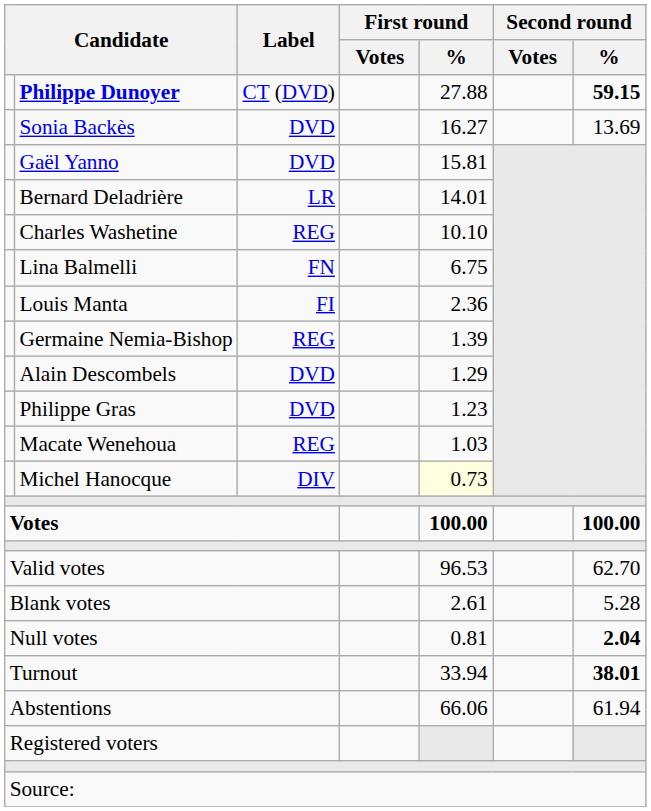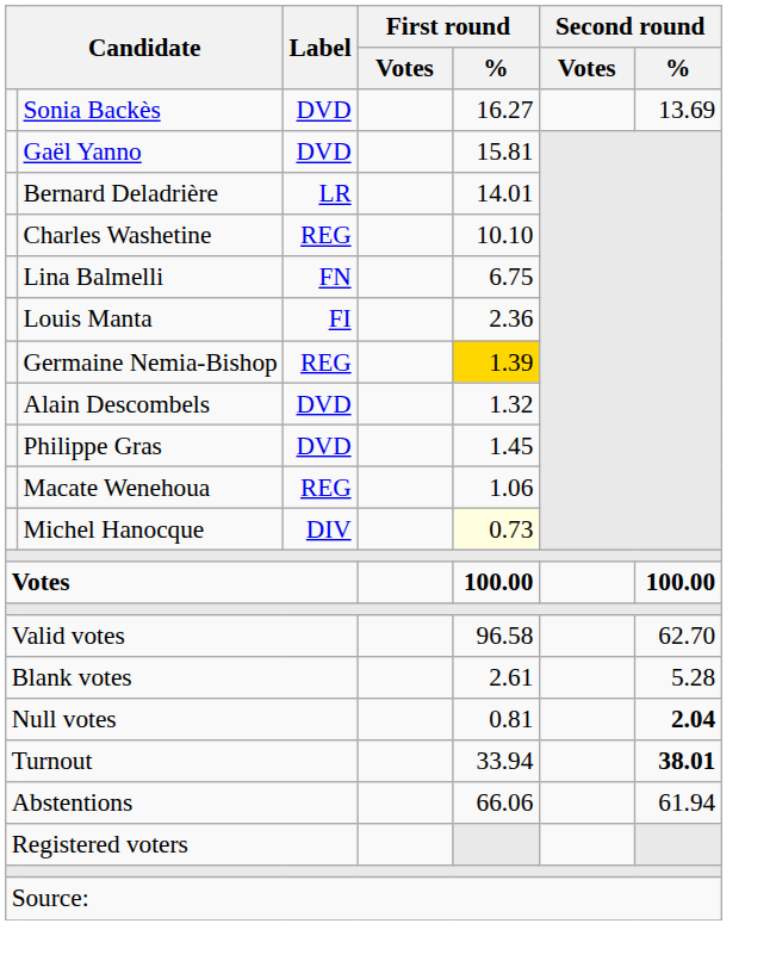 <table class="wikitable" style="text-align:right;font-size:95%;">
 <tr>
 <th rowspan="2" colspan="2">Candidate</th>
 <th rowspan="2">Label</th>
 <th colspan="2">First round</th>
 <th colspan="2">Second round</th>
 </tr>
 <tr>
 <th style="width:50px;">Votes</th>
 <th style="width:45px;">%</th>
 <th style="width:50px;">Votes</th>
 <th style="width:45px;">%</th>
-</tr>
-<tr>
-<td style="color:inherit;background:"></td>
-<td style="text-align:left;"><strong><a href='#'>Philippe Dunoyer</a></strong></td>
-<td><a href='#'>CT</a> (<a href='#'>DVD</a>)</td>
-<td></td>
-<td>27.88</td>
-<td><strong></strong></td>
-<td><strong>59.15</strong></td>
 </tr>
 <tr>
 <td style="color:inherit;background:"></td>
 <td style="text-align:left;"><a href='#'>Sonia Backès</a></td>
 <td><a href='#'>DVD</a></td>
 <td></td>
 <td>16.27</td>
 <td></td>
 <td>13.69</td>
 </tr>
 <tr>
 <td style="color:inherit;background:"></td>
 <td style="text-align:left;"><a href='#'>Gaël Yanno</a></td>
 <td><a href='#'>DVD</a></td>
 <td></td>
 <td>15.81</td>
 <td colspan="2" rowspan="10" style="background:#E9E9E9;"></td>
 </tr>
 <tr>
 <td style="color:inherit;background:"></td>
 <td style="text-align:left;">Bernard Deladrière</td>
 <td><a href='#'>LR</a></td>
 <td></td>
 <td>14.01</td>
 </tr>
 <tr>
 <td style="color:inherit;background:"></td>
 <td style="text-align:left;">Charles Washetine</td>
 <td><a href='#'>REG</a></td>
 <td></td>
 <td>10.10</td>
 </tr>
 <tr>
 <td style="color:inherit;background:"></td>
 <td style="text-align:left;">Lina Balmelli</td>
 <td><a href='#'>FN</a></td>
 <td></td>
 <td>6.75</td>
 </tr>
 <tr>
 <td style="color:inherit;background:"></td>
 <td style="text-align:left;">Louis Manta</td>
 <td><a href='#'>FI</a></td>
 <td></td>
 <td>2.36</td>
 </tr>
 <tr>
 <td style="color:inherit;background:"></td>
 <td style="text-align:left;">Germaine Nemia-Bishop</td>
 <td><a href='#'>REG</a></td>
 <td></td>
-<td>1.39</td>
+<td style="background: gold;">1.39</td>
 </tr>
 <tr>
 <td style="color:inherit;background:"></td>
 <td style="text-align:left;">Alain Descombels</td>
 <td><a href='#'>DVD</a></td>
 <td></td>
-<td>1.29</td>
+<td>1.32</td>
 </tr>
 <tr>
 <td style="color:inherit;background:"></td>
 <td style="text-align:left;">Philippe Gras</td>
 <td><a href='#'>DVD</a></td>
 <td></td>
-<td>1.23</td>
+<td>1.45</td>
 </tr>
 <tr>
 <td style="color:inherit;background:"></td>
 <td style="text-align:left;">Macate Wenehoua</td>
 <td><a href='#'>REG</a></td>
 <td></td>
-<td>1.03</td>
+<td>1.06</td>
 </tr>
 <tr>
 <td style="color:inherit;background:"></td>
 <td style="text-align:left;">Michel Hanocque</td>
 <td><a href='#'>DIV</a></td>
 <td></td>
 <td style="background: lightyellow;">0.73</td>
 </tr>
 <tr>
 <td colspan="7" style="background:#E9E9E9;"></td>
 </tr>
 <tr style="font-weight:bold;">
 <td colspan="3" style="text-align:left;">Votes</td>
 <td></td>
 <td>100.00</td>
 <td></td>
 <td>100.00</td>
 </tr>
 <tr>
 <td colspan="7" style="background:#E9E9E9;"></td>
 </tr>
 <tr>
 <td colspan="3" style="text-align:left;">Valid votes</td>
 <td></td>
-<td>96.53</td>
+<td>96.58</td>
 <td></td>
 <td>62.70</td>
 </tr>
 <tr>
 <td colspan="3" style="text-align:left;">Blank votes</td>
 <td></td>
 <td>2.61</td>
 <td></td>
 <td>5.28</td>
 </tr>
 <tr>
 <td colspan="3" style="text-align:left;">Null votes</td>
 <td></td>
 <td>0.81</td>
 <td></td>
 <td><strong>2.04</strong></td>
 </tr>
 <tr>
 <td colspan="3" style="text-align:left;">Turnout</td>
 <td></td>
 <td>33.94</td>
 <td></td>
 <td><strong>38.01</strong></td>
 </tr>
 <tr>
 <td colspan="3" style="text-align:left;">Abstentions</td>
 <td></td>
 <td>66.06</td>
 <td></td>
 <td>61.94</td>
 </tr>
 <tr>
 <td colspan="3" style="text-align:left;">Registered voters</td>
 <td></td>
 <td style="background:#E9E9E9;"></td>
 <td></td>
 <td style="background:#E9E9E9;"></td>
 </tr>
 <tr>
 <td colspan="7" style="background:#E9E9E9;"></td>
 </tr>
 <tr>
 <td colspan="7" style="text-align:left;">Source: </td>
 </tr>
 </table>
